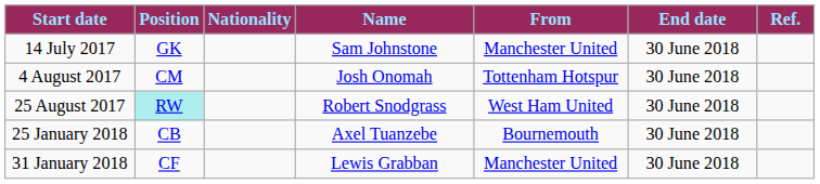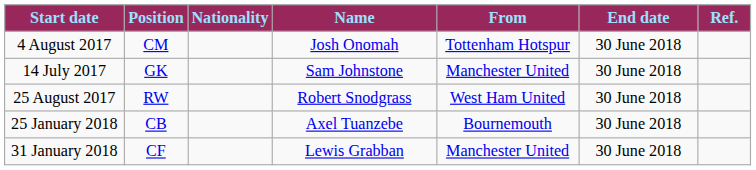 <table class="wikitable"  style="text-align:center; font-size:90%; ">
 <tr>
 <th style="background:#98285c; color:#9be1ff; width:100px;">Start date</th>
 <th style="background:#98285c; color:#9be1ff; width:50px;">Position</th>
 <th style="background:#98285c; color:#9be1ff; width:50px;">Nationality</th>
 <th style="background:#98285c; color:#9be1ff; width:140px;">Name</th>
 <th style="background:#98285c; color:#9be1ff; width:120px;">From</th>
 <th style="background:#98285c; color:#9be1ff; width:100px;">End date</th>
 <th style="background:#98285c; color:#9be1ff; width:40px;">Ref.</th>
 </tr>
 <tr>
+<td>4 August 2017</td>
+<td><a href='#'>CM</a></td>
+<td></td>
+<td><a href='#'>Josh Onomah</a></td>
+<td><a href='#'>Tottenham Hotspur</a></td>
+<td>30 June 2018</td>
+<td></td>
+</tr>
+<tr>
 <td>14 July 2017</td>
 <td><a href='#'>GK</a></td>
 <td></td>
 <td><a href='#'>Sam Johnstone</a></td>
 <td><a href='#'>Manchester United</a></td>
 <td>30 June 2018</td>
 <td></td>
 </tr>
 <tr>
-<td>4 August 2017</td>
-<td><a href='#'>CM</a></td>
-<td></td>
-<td><a href='#'>Josh Onomah</a></td>
-<td><a href='#'>Tottenham Hotspur</a></td>
-<td>30 June 2018</td>
-<td></td>
-</tr>
-<tr>
 <td>25 August 2017</td>
-<td style="background: paleturquoise;"><a href='#'>RW</a></td>
+<td><a href='#'>RW</a></td>
 <td></td>
 <td><a href='#'>Robert Snodgrass</a></td>
 <td><a href='#'>West Ham United</a></td>
 <td>30 June 2018</td>
 <td></td>
 </tr>
 <tr>
 <td>25 January 2018</td>
 <td><a href='#'>CB</a></td>
 <td></td>
 <td><a href='#'>Axel Tuanzebe</a></td>
 <td><a href='#'>Bournemouth</a></td>
 <td>30 June 2018</td>
 <td></td>
 </tr>
 <tr>
 <td>31 January 2018</td>
 <td><a href='#'>CF</a></td>
 <td></td>
 <td><a href='#'>Lewis Grabban</a></td>
 <td><a href='#'>Manchester United</a></td>
 <td>30 June 2018</td>
 <td></td>
 </tr>
 </table>
